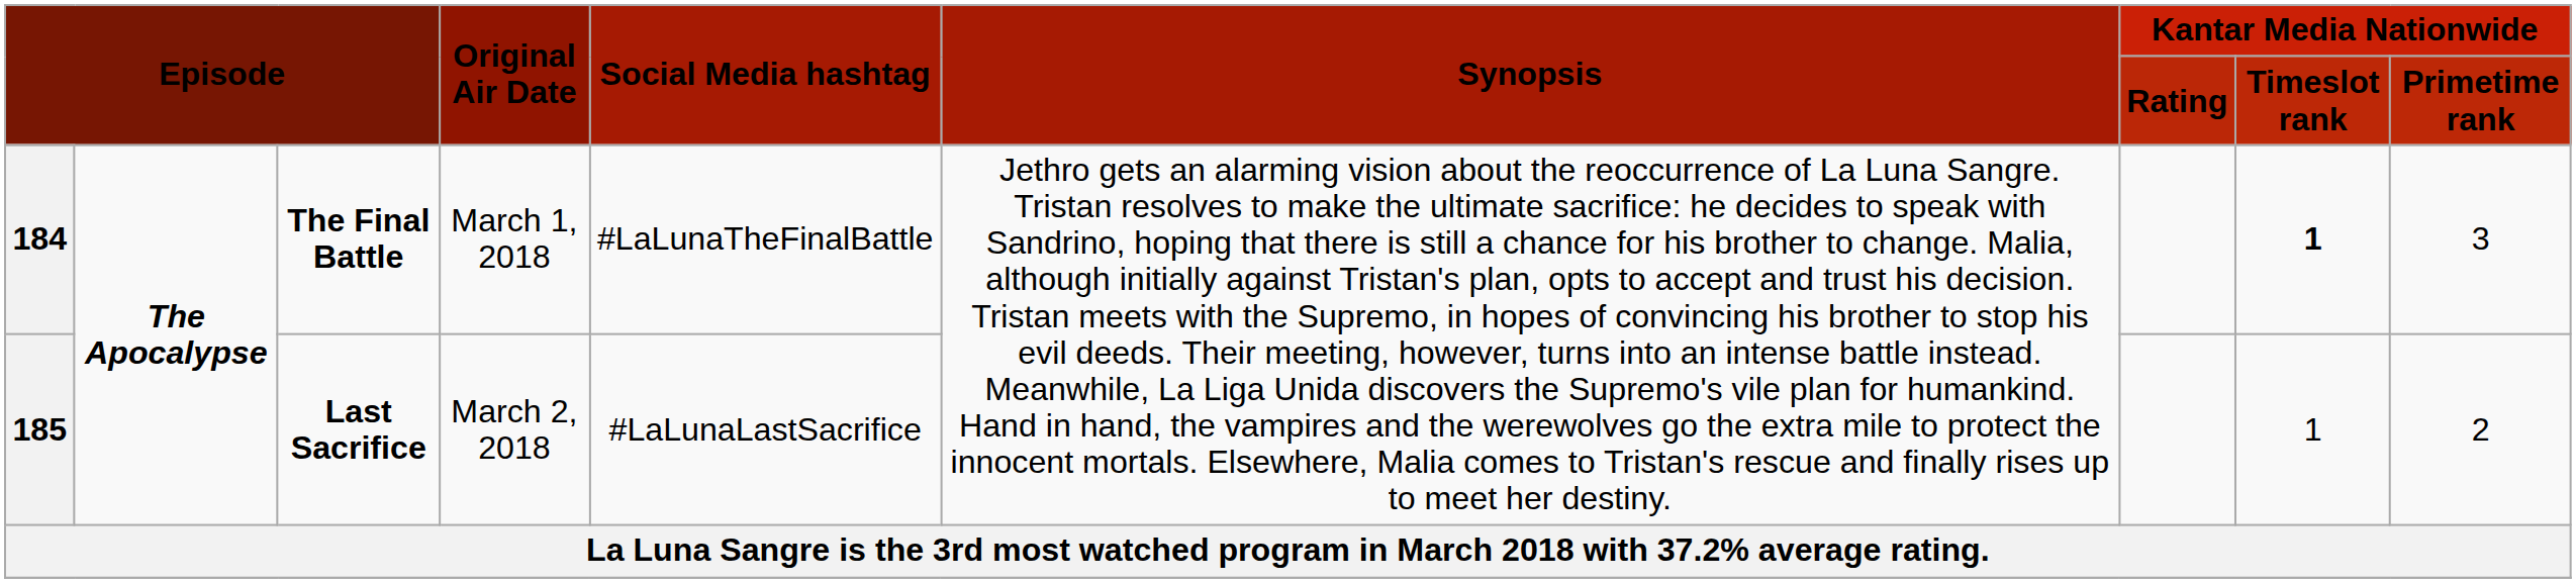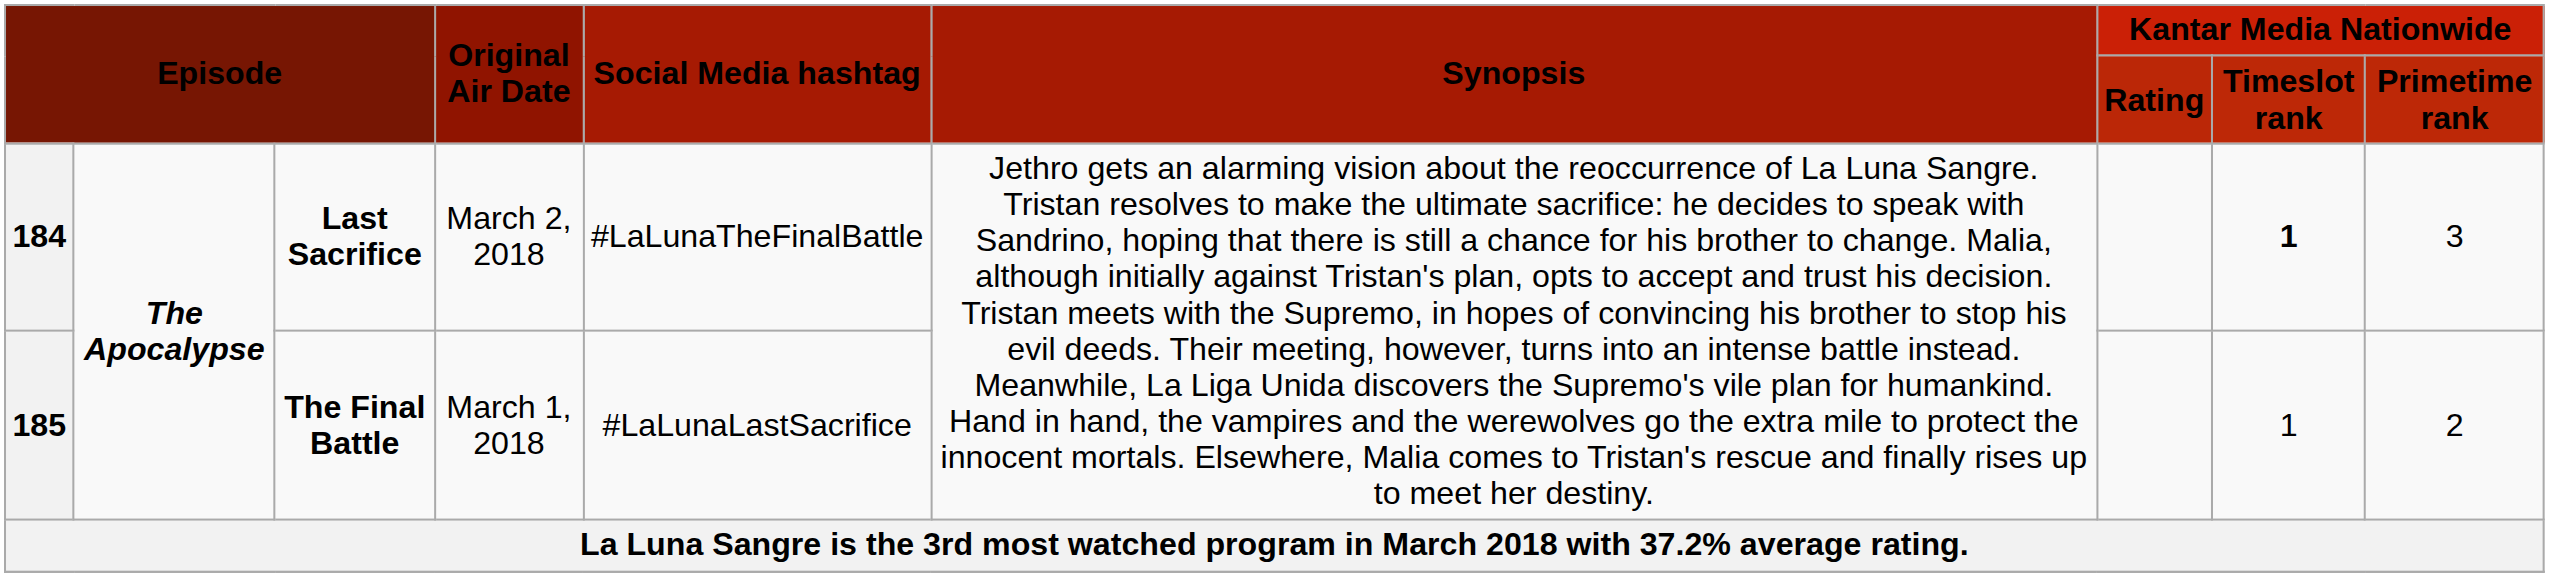 <table class="wikitable" style="text-align:center; font-size:100%; line-height:18px;"  width="100%">
 <tr>
 <th style="background-color:#771603; color:#000000;" colspan="3" rowspan="2">Episode</th>
 <th style="background-color:#901400; color:#000000;" rowspan="2">Original Air Date</th>
 <th style="background-color:#A61A03; color:#000000;" rowspan="2">Social Media hashtag</th>
 <th style="background-color:#A61A03; color:#000000;" rowspan="2">Synopsis</th>
 <th style="background-color:#CB2006; color:#000000;" colspan="3">Kantar Media Nationwide</th>
 </tr>
 <tr>
 <th style="background-color:#BB2707; color:#000000;">Rating</th>
 <th style="background-color:#BD2807; color:#000000;">Timeslot rank</th>
 <th style="background-color:#BD2807; color:#000000;">Primetime rank</th>
 </tr>
 <tr>
 <th>184</th>
 <td rowspan="2"><strong><em>The Apocalypse</em></strong></td>
-<td><strong>The Final Battle</strong></td>
-<td>March 1, 2018</td>
+<td><strong>Last Sacrifice</strong></td>
+<td>March 2, 2018</td>
 <td>#LaLunaTheFinalBattle</td>
 <td rowspan="2">Jethro gets an alarming vision about the reoccurrence of La Luna Sangre. Tristan resolves to make the ultimate sacrifice: he decides to speak with Sandrino, hoping that there is still a chance for his brother to change. Malia, although initially against Tristan's plan, opts to accept and trust his decision. Tristan meets with the Supremo, in hopes of convincing his brother to stop his evil deeds. Their meeting, however, turns into an intense battle instead. Meanwhile, La Liga Unida discovers the Supremo's vile plan for humankind. Hand in hand, the vampires and the werewolves go the extra mile to protect the innocent mortals. Elsewhere, Malia comes to Tristan's rescue and finally rises up to meet her destiny.</td>
 <td></td>
 <td><strong>1</strong></td>
 <td>3</td>
 </tr>
 <tr>
 <th>185</th>
-<td><strong>Last Sacrifice</strong></td>
-<td>March 2, 2018</td>
+<td><strong>The Final Battle</strong></td>
+<td>March 1, 2018</td>
 <td>#LaLunaLastSacrifice</td>
 <td></td>
 <td>1</td>
 <td>2</td>
 </tr>
 <tr>
 <th colspan = "9" style="text-align: center; border-: 3px solid #ffba31;">La Luna Sangre is the 3rd most watched program in March 2018 with 37.2% average rating.</th>
 </tr>
 <tr>
 </tr>
 </table>
